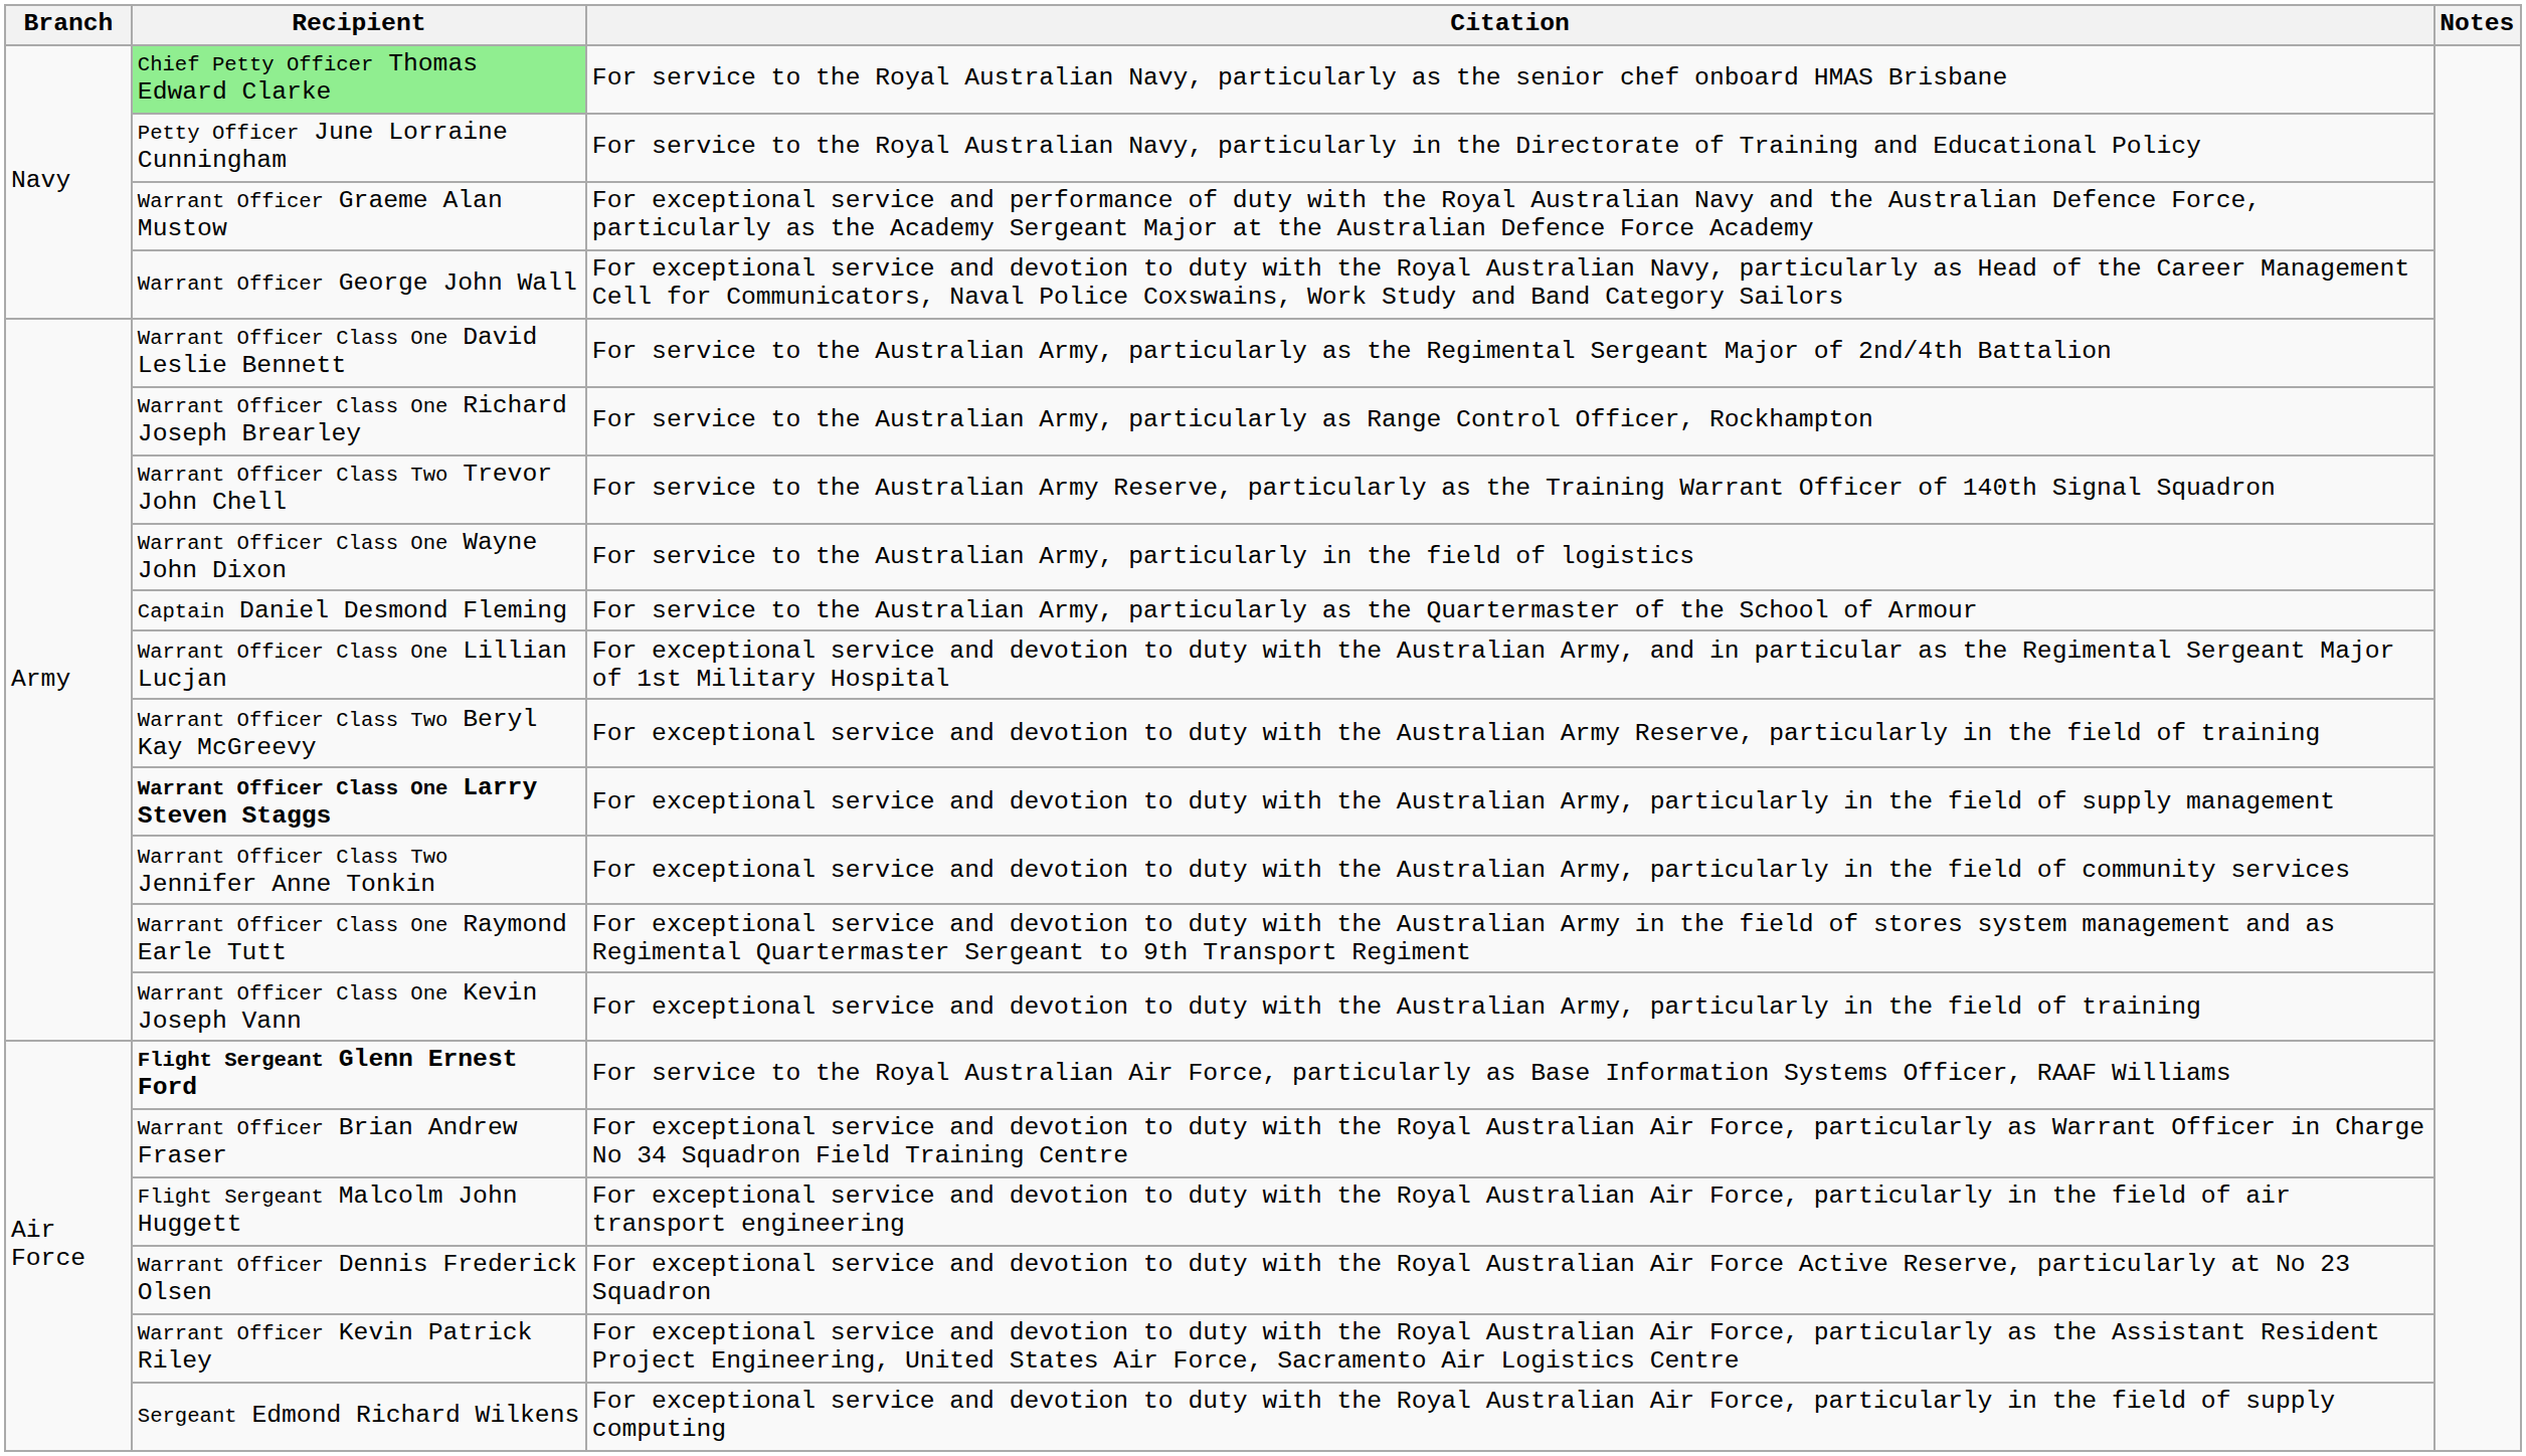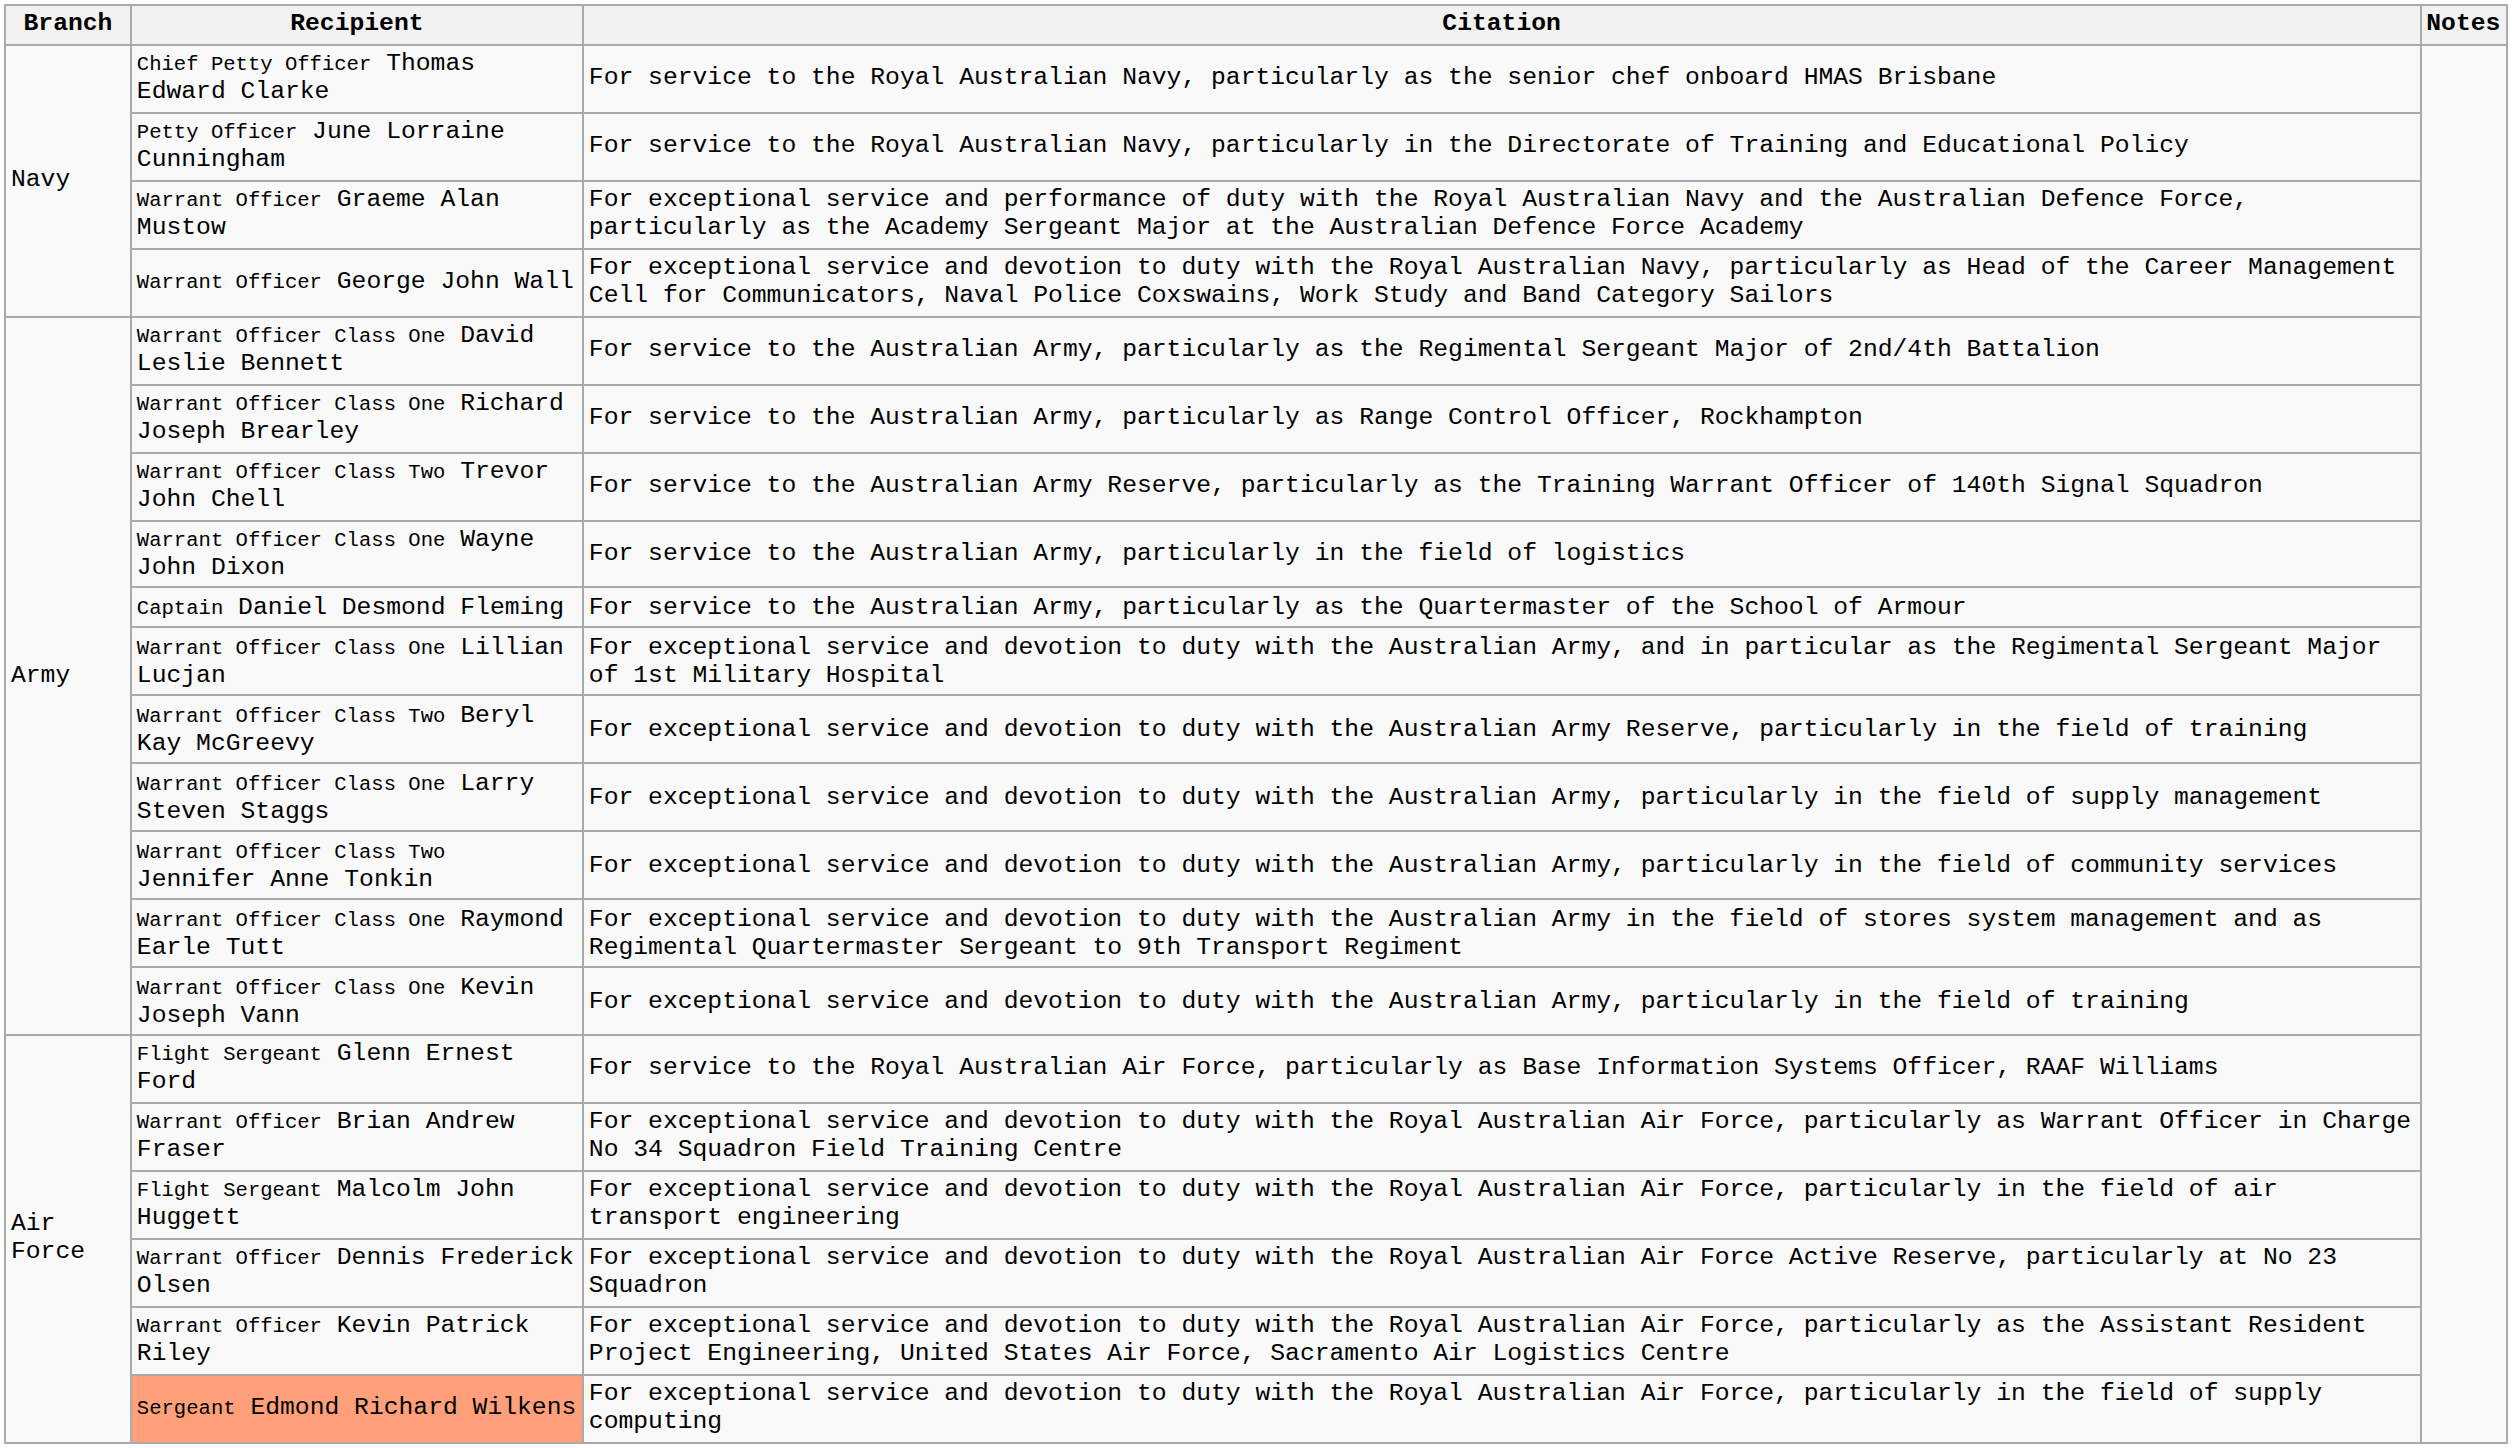 <table class="wikitable" style="font-size:95%;">
 <tr>
 <th>Branch</th>
 <th>Recipient</th>
 <th>Citation</th>
 <th>Notes</th>
 </tr>
 <tr>
 <td rowspan="4">Navy</td>
-<td style="background: lightgreen;"><small>Chief Petty Officer</small> Thomas Edward Clarke</td>
+<td><small>Chief Petty Officer</small> Thomas Edward Clarke</td>
 <td>For  service to the Royal Australian Navy, particularly as the senior chef onboard HMAS Brisbane</td>
 <td rowspan="21"></td>
 </tr>
 <tr>
 <td><small>Petty Officer</small> June Lorraine Cunningham</td>
 <td>For  service to the Royal Australian Navy, particularly in the Directorate of Training and Educational Policy</td>
 </tr>
 <tr>
 <td><small>Warrant Officer</small> Graeme Alan Mustow</td>
 <td>For exceptional service and performance of duty with the Royal Australian Navy and the Australian Defence Force, particularly as the Academy Sergeant Major at the Australian Defence Force Academy</td>
 </tr>
 <tr>
 <td><small>Warrant Officer</small> George John Wall</td>
 <td>For exceptional service and devotion to duty with the Royal Australian Navy, particularly as Head of the Career Management Cell for Communicators, Naval Police Coxswains, Work Study and Band Category Sailors</td>
 </tr>
 <tr>
 <td rowspan="11">Army</td>
 <td><small>Warrant Officer Class One</small> David Leslie Bennett</td>
 <td>For  service to the Australian Army, particularly as the Regimental Sergeant Major of 2nd/4th Battalion</td>
 </tr>
 <tr>
 <td><small>Warrant Officer Class One</small> Richard Joseph Brearley</td>
 <td>For service to the Australian Army, particularly as Range Control Officer, Rockhampton</td>
 </tr>
 <tr>
 <td><small>Warrant Officer Class Two</small> Trevor John Chell</td>
 <td>For  service to the Australian Army Reserve, particularly as the Training Warrant Officer of 140th Signal Squadron</td>
 </tr>
 <tr>
 <td><small>Warrant Officer Class One</small> Wayne John Dixon</td>
 <td>For  service to the Australian Army, particularly in the field of logistics</td>
 </tr>
 <tr>
 <td><small>Captain</small> Daniel Desmond Fleming</td>
 <td>For  service to the Australian Army, particularly as the Quartermaster of the School of Armour</td>
 </tr>
 <tr>
 <td><small>Warrant Officer Class One</small> Lillian Lucjan</td>
 <td>For exceptional service and devotion to duty with the Australian Army, and in particular as the Regimental Sergeant Major of 1st Military Hospital</td>
 </tr>
 <tr>
 <td><small>Warrant Officer Class Two</small> Beryl Kay McGreevy</td>
 <td>For exceptional service and devotion to duty with the Australian Army Reserve, particularly in the field of training</td>
 </tr>
 <tr>
-<td><strong><small>Warrant Officer Class One</small> Larry Steven Staggs</strong></td>
+<td><small>Warrant Officer Class One</small> Larry Steven Staggs</td>
 <td>For exceptional service and devotion to duty with the Australian Army, particularly in the field of supply management</td>
 </tr>
 <tr>
 <td><small>Warrant Officer Class Two</small> Jennifer Anne Tonkin</td>
 <td>For exceptional service and devotion to duty with the Australian Army, particularly in the field of community services</td>
 </tr>
 <tr>
 <td><small>Warrant Officer Class One</small> Raymond Earle Tutt</td>
 <td>For exceptional service and devotion to duty with the Australian Army in the field of stores system management and as Regimental Quartermaster Sergeant to 9th Transport Regiment</td>
 </tr>
 <tr>
 <td><small>Warrant Officer Class One</small> Kevin Joseph Vann</td>
 <td>For exceptional service and devotion to duty with the Australian Army, particularly in the field of training</td>
 </tr>
 <tr>
 <td rowspan="6">Air Force</td>
-<td><strong><small>Flight Sergeant</small> Glenn Ernest Ford</strong></td>
+<td><small>Flight Sergeant</small> Glenn Ernest Ford</td>
 <td>For service to the Royal Australian Air Force, particularly as Base Information Systems Officer, RAAF Williams</td>
 </tr>
 <tr>
 <td><small>Warrant Officer</small> Brian Andrew Fraser</td>
 <td>For exceptional service and devotion to duty with the Royal Australian Air Force, particularly as Warrant Officer in Charge No 34 Squadron Field Training Centre</td>
 </tr>
 <tr>
 <td><small>Flight Sergeant</small> Malcolm John Huggett</td>
 <td>For exceptional service and devotion to duty with the Royal Australian Air Force, particularly in the field of air transport engineering</td>
 </tr>
 <tr>
 <td><small>Warrant Officer</small> Dennis Frederick Olsen</td>
 <td>For exceptional service and devotion to duty with the Royal Australian Air Force Active Reserve, particularly at No 23 Squadron</td>
 </tr>
 <tr>
 <td><small>Warrant Officer</small> Kevin Patrick Riley</td>
 <td>For exceptional service and devotion to duty with the Royal Australian Air Force, particularly as the Assistant Resident Project Engineering, United States Air Force, Sacramento Air Logistics Centre</td>
 </tr>
 <tr>
-<td><small>Sergeant</small> Edmond Richard Wilkens</td>
+<td style="background: lightsalmon;"><small>Sergeant</small> Edmond Richard Wilkens</td>
 <td>For exceptional service and devotion to duty with the Royal Australian Air Force, particularly in the field of supply computing</td>
 </tr>
 </table>
